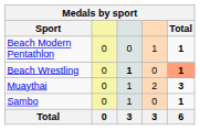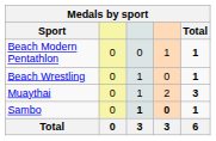 <table class="wikitable" style="font-size:90%; text-align:center;">
 <tr>
 <th colspan=5>Medals by sport</th>
 </tr>
 <tr>
 <th width=120>Sport</th>
 <th scope="col" width=30 style="background:#F7F6A8;"></th>
 <th scope="col" width=30 style="background:#DCE5E5;"></th>
 <th scope="col" width=30 style="background:#FFDAB9;"></th>
 <th width=30>Total</th>
 </tr>
 <tr>
 <td align=left> <a href='#'>Beach Modern Pentathlon</a></td>
 <td style="background:#F7F6A8;">0</td>
 <td style="background:#DCE5E5;">0</td>
 <td style="background:#FFDAB9;">1</td>
 <td><strong>1</strong></td>
 </tr>
 <tr>
 <td align=left> <a href='#'>Beach Wrestling</a></td>
 <td style="background:#F7F6A8;">0</td>
-<td style="background:#DCE5E5;"><strong>1</strong></td>
+<td style="background:#DCE5E5;">1</td>
 <td style="background:#FFDAB9;">0</td>
-<td style="background: lightsalmon;"><strong>1</strong></td>
+<td><strong>1</strong></td>
 </tr>
 <tr>
 <td align=left> <a href='#'>Muaythai</a></td>
 <td style="background:#F7F6A8;">0</td>
 <td style="background:#DCE5E5;">1</td>
 <td style="background:#FFDAB9;">2</td>
 <td><strong>3</strong></td>
 </tr>
 <tr>
 <td align=left> <a href='#'>Sambo</a></td>
 <td style="background:#F7F6A8;">0</td>
-<td style="background:#DCE5E5;">1</td>
-<td style="background:#FFDAB9;">0</td>
+<td style="background:#DCE5E5;"><strong>1</strong></td>
+<td style="background:#FFDAB9;"><strong>0</strong></td>
 <td><strong>1</strong></td>
 </tr>
 <tr class="sortbottom">
 <th>Total</th>
 <th>0</th>
 <th>3</th>
 <th>3</th>
 <th>6</th>
 </tr>
 </table>
